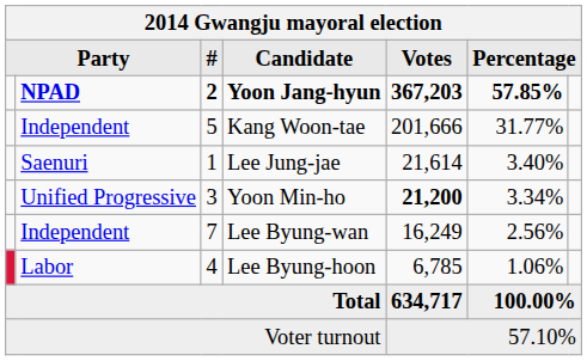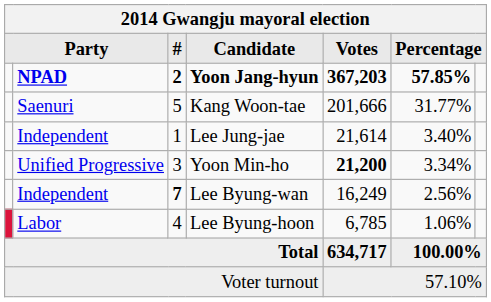 <table class="wikitable">
 <tr>
 <th colspan="7">2014 Gwangju mayoral election</th>
 </tr>
 <tr>
 <th style="background-color:#E9E9E9" colspan=2>Party</th>
 <th style="background-color:#E9E9E9">#</th>
 <th style="background-color:#E9E9E9">Candidate</th>
 <th style="background-color:#E9E9E9">Votes</th>
 <th style="background-color:#E9E9E9" colspan=2>Percentage</th>
 </tr>
 <tr style="font-weight:bold">
 <td></td>
 <td align=left><a href='#'>NPAD</a></td>
 <td align=center>2</td>
 <td align=left>Yoon Jang-hyun</td>
 <td align=right>367,203</td>
 <td align=right>57.85%</td>
 <td align=right></td>
 </tr>
 <tr>
 <td></td>
-<td align=left><a href='#'>Independent</a></td>
+<td align=left><a href='#'>Saenuri</a></td>
 <td align=center>5</td>
 <td align=left>Kang Woon-tae</td>
 <td align=right>201,666</td>
 <td align=right>31.77%</td>
 <td align=right></td>
 </tr>
 <tr>
 <td></td>
-<td align=left><a href='#'>Saenuri</a></td>
+<td align=left><a href='#'>Independent</a></td>
 <td align=center>1</td>
 <td align=left>Lee Jung-jae</td>
 <td align=right>21,614</td>
 <td align=right>3.40%</td>
 <td align=right></td>
 </tr>
 <tr>
 <td></td>
 <td align=left><a href='#'>Unified Progressive</a></td>
 <td align=center>3</td>
 <td align=left>Yoon Min-ho</td>
 <td align=right><strong>21,200</strong></td>
 <td align=right>3.34%</td>
 <td align=right></td>
 </tr>
 <tr>
 <td></td>
 <td align=left><a href='#'>Independent</a></td>
-<td align=center>7</td>
+<td align=center><strong>7</strong></td>
 <td align=left>Lee Byung-wan</td>
 <td align=right>16,249</td>
 <td align=right>2.56%</td>
 <td align=right></td>
 </tr>
 <tr>
 <td bgcolor="#DC143C"></td>
 <td align=left><a href='#'>Labor</a></td>
 <td align=center>4</td>
 <td align=left>Lee Byung-hoon</td>
 <td align=right>6,785</td>
 <td align=right>1.06%</td>
 <td align=right></td>
 </tr>
 <tr bgcolor="#EEEEEE" style="font-weight:bold">
 <td colspan="4" align=right>Total</td>
 <td align=right>634,717</td>
 <td align=right colspan=2>100.00%</td>
 </tr>
 <tr bgcolor="#EEEEEE">
 <td colspan="4" align="right">Voter turnout</td>
 <td colspan="3" align="right">57.10%</td>
 </tr>
 </table>
